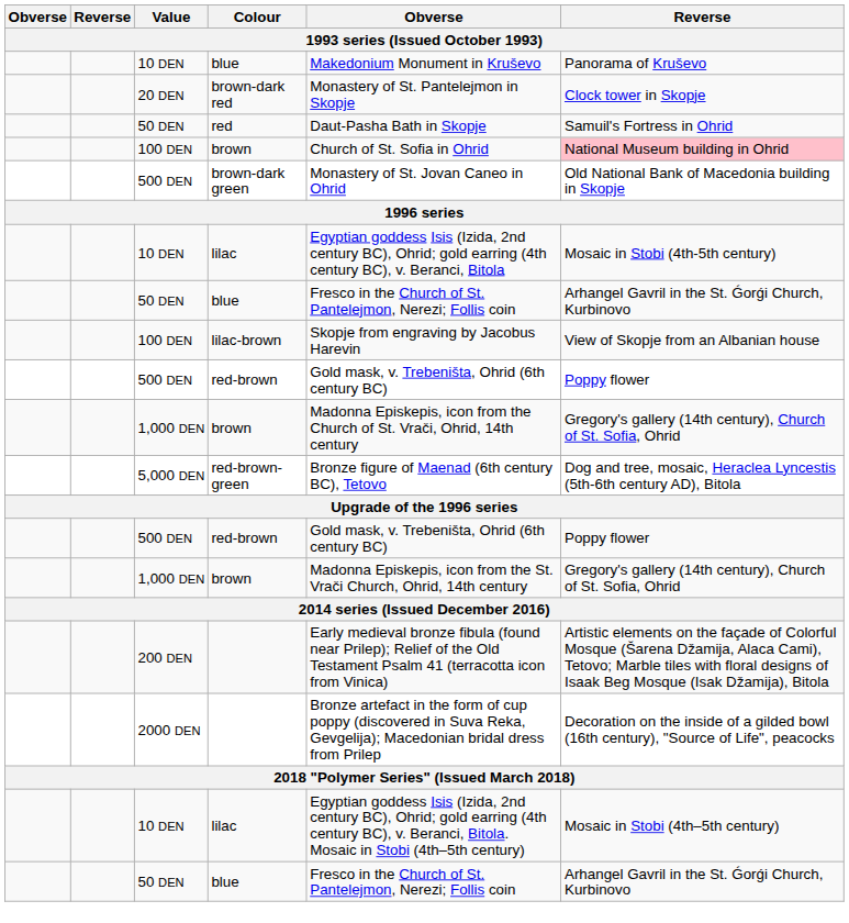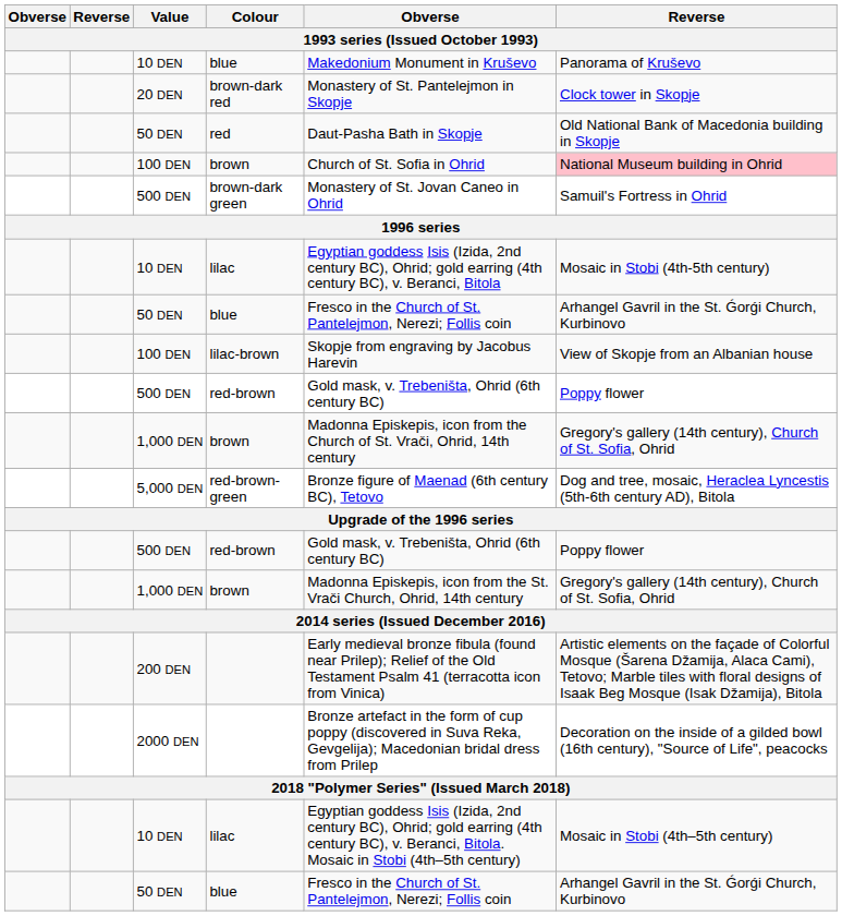 <table class="wikitable" style="font-size: 95%">
 <tr>
 <th>Obverse</th>
 <th>Reverse</th>
 <th>Value</th>
 <th width=95>Colour</th>
 <th>Obverse</th>
 <th>Reverse</th>
 </tr>
 <tr>
 <th colspan="8">1993 series (Issued October 1993)</th>
 </tr>
 <tr>
 <td align="center"></td>
 <td align="center"></td>
 <td>10 <small>DEN</small></td>
 <td>blue</td>
 <td><a href='#'>Makedonium</a> Monument in <a href='#'>Kruševo</a></td>
 <td>Panorama of <a href='#'>Kruševo</a></td>
 </tr>
 <tr>
 <td align="center"></td>
 <td align="center"></td>
 <td>20 <small>DEN</small></td>
 <td>brown-dark red</td>
 <td>Monastery of St. Pantelejmon in <a href='#'>Skopje</a></td>
 <td><a href='#'>Clock tower</a> in <a href='#'>Skopje</a></td>
 </tr>
 <tr>
 <td align="center"></td>
 <td align="center"></td>
 <td>50 <small>DEN</small></td>
 <td>red</td>
 <td>Daut-Pasha Bath in <a href='#'>Skopje</a></td>
-<td>Samuil's Fortress in <a href='#'>Ohrid</a></td>
+<td>Old National Bank of Macedonia building in <a href='#'>Skopje</a></td>
 </tr>
 <tr>
 <td align="center"></td>
 <td align="center"></td>
 <td>100 <small>DEN</small></td>
 <td>brown</td>
 <td>Church of St. Sofia in <a href='#'>Ohrid</a></td>
 <td style="background: pink;">National Museum building in Ohrid</td>
 </tr>
 <tr bgcolor = white>
 <td align="center"></td>
 <td align="center"></td>
 <td>500 <small>DEN</small></td>
 <td>brown-dark green</td>
 <td>Monastery of St. Jovan Caneo in <a href='#'>Ohrid</a></td>
-<td>Old National Bank of Macedonia building in <a href='#'>Skopje</a></td>
+<td>Samuil's Fortress in <a href='#'>Ohrid</a></td>
 </tr>
 <tr>
 <th colspan="8">1996 series</th>
 </tr>
 <tr>
 <td></td>
 <td></td>
 <td>10 <small>DEN</small></td>
 <td>lilac</td>
 <td><a href='#'>Egyptian goddess</a> <a href='#'>Isis</a> (Izida, 2nd century BC), Ohrid; gold earring (4th century BC), v. Beranci, <a href='#'>Bitola</a></td>
 <td>Mosaic in <a href='#'>Stobi</a> (4th-5th century)</td>
 </tr>
 <tr>
 <td></td>
 <td></td>
 <td>50 <small>DEN</small></td>
 <td>blue</td>
 <td>Fresco in the <a href='#'>Church of St. Pantelejmon</a>, Nerezi; <a href='#'>Follis</a> coin</td>
 <td>Arhangel Gavril in the St. Ǵorǵi Church, Kurbinovo</td>
 </tr>
 <tr>
 <td></td>
 <td></td>
 <td>100 <small>DEN</small></td>
 <td>lilac-brown</td>
 <td>Skopje from engraving by Jacobus Harevin</td>
 <td>View of Skopje from an Albanian house</td>
 </tr>
 <tr bgcolor = white>
 <td></td>
 <td></td>
 <td>500 <small>DEN</small></td>
 <td>red-brown</td>
 <td>Gold mask, v. <a href='#'>Trebeništa</a>, Ohrid (6th century BC)</td>
 <td><a href='#'>Poppy</a> flower</td>
 </tr>
 <tr>
 <td></td>
 <td></td>
 <td>1,000 <small>DEN</small></td>
 <td>brown</td>
 <td>Madonna Episkepis, icon from the Church of St. Vrači, Ohrid, 14th century</td>
 <td>Gregory's gallery (14th century), <a href='#'>Church of St. Sofia</a>, Ohrid</td>
 </tr>
 <tr bgcolor = white>
 <td></td>
 <td></td>
 <td>5,000 <small>DEN</small></td>
 <td>red-brown-green</td>
 <td>Bronze figure of <a href='#'>Maenad</a> (6th century BC), <a href='#'>Tetovo</a></td>
 <td>Dog and tree, mosaic, <a href='#'>Heraclea Lyncestis</a> (5th-6th century AD), Bitola</td>
 </tr>
 <tr>
 <th colspan="8">Upgrade of the 1996 series</th>
 </tr>
 <tr>
 <td></td>
 <td></td>
 <td>500 <small>DEN</small></td>
 <td>red-brown</td>
 <td>Gold mask, v. Trebeništa, Ohrid (6th century BC)</td>
 <td>Poppy flower</td>
 </tr>
 <tr>
 <td></td>
 <td></td>
 <td>1,000 <small>DEN</small></td>
 <td>brown</td>
 <td>Madonna Episkepis, icon from the St. Vrači Church, Ohrid, 14th century</td>
 <td>Gregory's gallery (14th century), Church of St. Sofia, Ohrid</td>
 </tr>
 <tr>
 <th colspan="8">2014 series (Issued December 2016)</th>
 </tr>
 <tr>
 <td align="center"></td>
 <td align="center"></td>
 <td>200 <small>DEN</small></td>
 <td></td>
 <td>Early medieval bronze fibula (found near Prilep); Relief of the Old Testament Psalm 41 (terracotta icon from Vinica)</td>
 <td>Artistic elements on the façade of Colorful Mosque (Šarena Džamija, Alaca Cami), Tetovo; Marble tiles with floral designs of Isaak Beg Mosque (Isak Džamija), Bitola</td>
 </tr>
 <tr bgcolor = white>
 <td align="center"></td>
 <td align="center"></td>
 <td>2000 <small>DEN</small></td>
 <td></td>
 <td>Bronze artefact in the form of cup poppy (discovered in Suva Reka, Gevgelija); Macedonian bridal dress from Prilep</td>
 <td>Decoration on the inside of a gilded bowl (16th century), "Source of Life", peacocks</td>
 </tr>
 <tr>
 <th colspan="8">2018 "Polymer Series" (Issued March 2018)</th>
 </tr>
 <tr>
 <td></td>
 <td></td>
 <td>10 <small>DEN</small></td>
 <td>lilac</td>
 <td>Egyptian goddess <a href='#'>Isis</a> (Izida, 2nd century BC), Ohrid; gold earring (4th century BC), v. Beranci, <a href='#'>Bitola</a>. Mosaic in <a href='#'>Stobi</a> (4th–5th century)</td>
 <td>Mosaic in <a href='#'>Stobi</a> (4th–5th century)</td>
 </tr>
 <tr>
 <td></td>
 <td></td>
 <td>50 <small>DEN</small></td>
 <td>blue</td>
 <td>Fresco in the <a href='#'>Church of St. Pantelejmon</a>, Nerezi; <a href='#'>Follis</a> coin</td>
 <td>Arhangel Gavril in the St. Ǵorǵi Church, Kurbinovo</td>
 </tr>
 </table>
